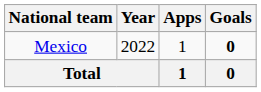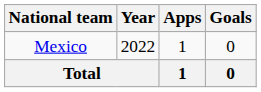 <table class="wikitable" style="text-align: center;">
 <tr>
 <th>National team</th>
 <th>Year</th>
 <th>Apps</th>
 <th>Goals</th>
 </tr>
 <tr>
 <td valign="center"><a href='#'>Mexico</a></td>
 <td>2022</td>
 <td>1</td>
-<td><strong>0</strong></td>
+<td>0</td>
 </tr>
 <tr>
 <th colspan="2">Total</th>
 <th>1</th>
 <th>0</th>
 </tr>
 </table>
